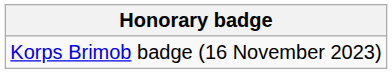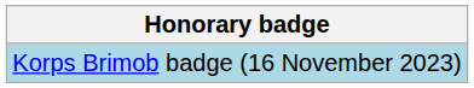 <table class="wikitable" style="margin:1em auto; text-align:center;">
 <tr>
 <th>Honorary badge</th>
 </tr>
 <tr>
-<td><a href='#'>Korps Brimob</a> badge (16 November 2023)</td>
+<td style="background: lightblue;"><a href='#'>Korps Brimob</a> badge (16 November 2023)</td>
 </tr>
 </table>
